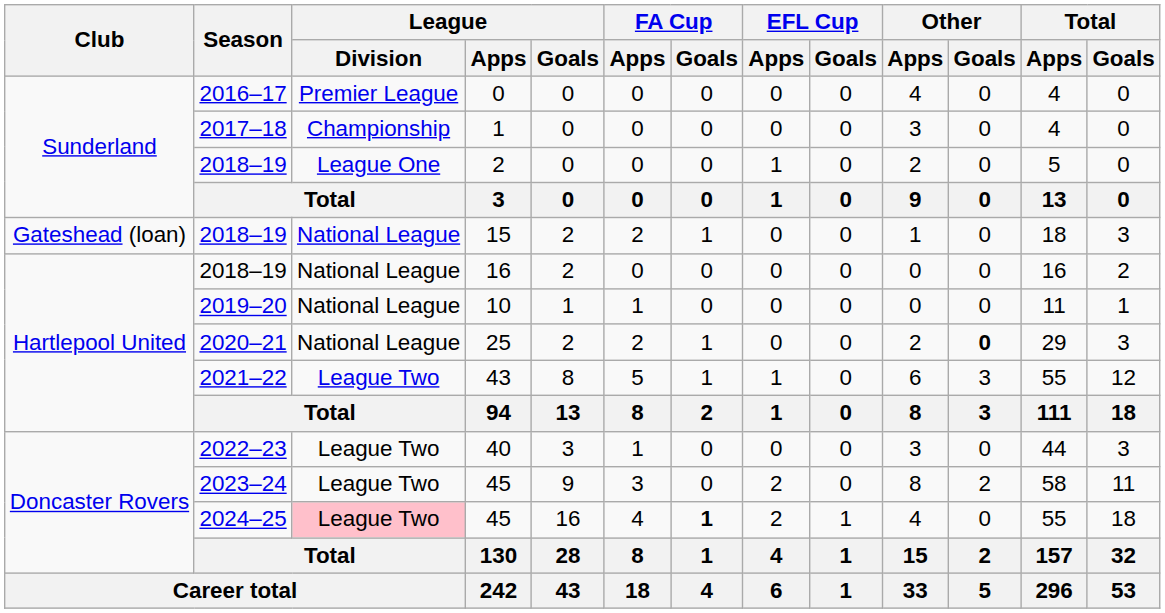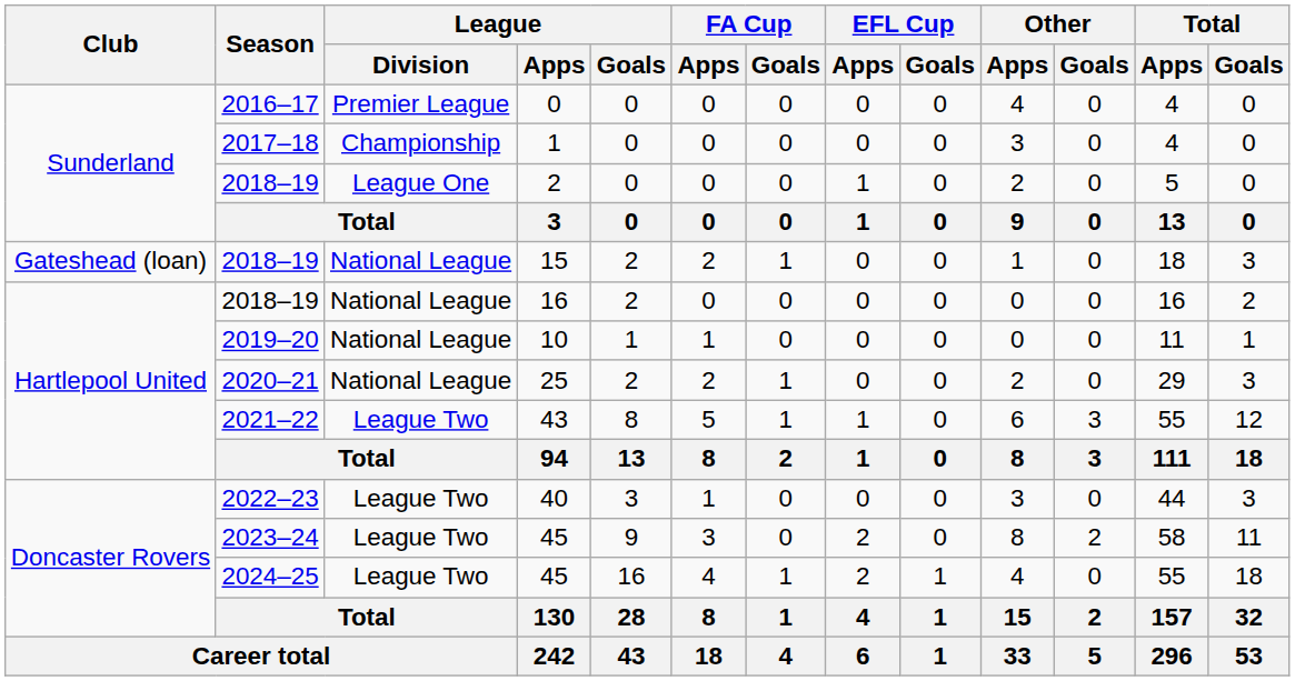 <table class="wikitable" style="text-align: center;">
 <tr>
 <th rowspan="2">Club</th>
 <th rowspan="2">Season</th>
 <th colspan="3">League</th>
 <th colspan="2"><a href='#'>FA Cup</a></th>
 <th colspan="2"><a href='#'>EFL Cup</a></th>
 <th colspan="2">Other</th>
 <th colspan="2">Total</th>
 </tr>
 <tr>
 <th>Division</th>
 <th>Apps</th>
 <th>Goals</th>
 <th>Apps</th>
 <th>Goals</th>
 <th>Apps</th>
 <th>Goals</th>
 <th>Apps</th>
 <th>Goals</th>
 <th>Apps</th>
 <th>Goals</th>
 </tr>
 <tr>
 <td rowspan="4"><a href='#'>Sunderland</a></td>
 <td><a href='#'>2016–17</a></td>
 <td><a href='#'>Premier League</a></td>
 <td>0</td>
 <td>0</td>
 <td>0</td>
 <td>0</td>
 <td>0</td>
 <td>0</td>
 <td>4</td>
 <td>0</td>
 <td>4</td>
 <td>0</td>
 </tr>
 <tr>
 <td><a href='#'>2017–18</a></td>
 <td><a href='#'>Championship</a></td>
 <td>1</td>
 <td>0</td>
 <td>0</td>
 <td>0</td>
 <td>0</td>
 <td>0</td>
 <td>3</td>
 <td>0</td>
 <td>4</td>
 <td>0</td>
 </tr>
 <tr>
 <td><a href='#'>2018–19</a></td>
 <td><a href='#'>League One</a></td>
 <td>2</td>
 <td>0</td>
 <td>0</td>
 <td>0</td>
 <td>1</td>
 <td>0</td>
 <td>2</td>
 <td>0</td>
 <td>5</td>
 <td>0</td>
 </tr>
 <tr>
 <th colspan="2">Total</th>
 <th>3</th>
 <th>0</th>
 <th>0</th>
 <th>0</th>
 <th>1</th>
 <th>0</th>
 <th>9</th>
 <th>0</th>
 <th>13</th>
 <th>0</th>
 </tr>
 <tr>
 <td><a href='#'>Gateshead</a> (loan)</td>
 <td><a href='#'>2018–19</a></td>
 <td><a href='#'>National League</a></td>
 <td>15</td>
 <td>2</td>
 <td>2</td>
 <td>1</td>
 <td>0</td>
 <td>0</td>
 <td>1</td>
 <td>0</td>
 <td>18</td>
 <td>3</td>
 </tr>
 <tr>
 <td rowspan="5"><a href='#'>Hartlepool United</a></td>
 <td>2018–19</td>
 <td>National League</td>
 <td>16</td>
 <td>2</td>
 <td>0</td>
 <td>0</td>
 <td>0</td>
 <td>0</td>
 <td>0</td>
 <td>0</td>
 <td>16</td>
 <td>2</td>
 </tr>
 <tr>
 <td><a href='#'>2019–20</a></td>
 <td>National League</td>
 <td>10</td>
 <td>1</td>
 <td>1</td>
 <td>0</td>
 <td>0</td>
 <td>0</td>
 <td>0</td>
 <td>0</td>
 <td>11</td>
 <td>1</td>
 </tr>
 <tr>
 <td><a href='#'>2020–21</a></td>
 <td>National League</td>
 <td>25</td>
 <td>2</td>
 <td>2</td>
 <td>1</td>
 <td>0</td>
 <td>0</td>
 <td>2</td>
-<td><strong>0</strong></td>
+<td>0</td>
 <td>29</td>
 <td>3</td>
 </tr>
 <tr>
 <td><a href='#'>2021–22</a></td>
 <td><a href='#'>League Two</a></td>
 <td>43</td>
 <td>8</td>
 <td>5</td>
 <td>1</td>
 <td>1</td>
 <td>0</td>
 <td>6</td>
 <td>3</td>
 <td>55</td>
 <td>12</td>
 </tr>
 <tr>
 <th colspan="2">Total</th>
 <th>94</th>
 <th>13</th>
 <th>8</th>
 <th>2</th>
 <th>1</th>
 <th>0</th>
 <th>8</th>
 <th>3</th>
 <th>111</th>
 <th>18</th>
 </tr>
 <tr>
 <td rowspan="4"><a href='#'>Doncaster Rovers</a></td>
 <td><a href='#'>2022–23</a></td>
 <td>League Two</td>
 <td>40</td>
 <td>3</td>
 <td>1</td>
 <td>0</td>
 <td>0</td>
 <td>0</td>
 <td>3</td>
 <td>0</td>
 <td>44</td>
 <td>3</td>
 </tr>
 <tr>
 <td><a href='#'>2023–24</a></td>
 <td>League Two</td>
 <td>45</td>
 <td>9</td>
 <td>3</td>
 <td>0</td>
 <td>2</td>
 <td>0</td>
 <td>8</td>
 <td>2</td>
 <td>58</td>
 <td>11</td>
 </tr>
 <tr>
 <td><a href='#'>2024–25</a></td>
-<td style="background: pink;">League Two</td>
+<td>League Two</td>
 <td>45</td>
 <td>16</td>
 <td>4</td>
-<td><strong>1</strong></td>
+<td>1</td>
 <td>2</td>
 <td>1</td>
 <td>4</td>
 <td>0</td>
 <td>55</td>
 <td>18</td>
 </tr>
 <tr>
 <th colspan="2">Total</th>
 <th>130</th>
 <th>28</th>
 <th>8</th>
 <th>1</th>
 <th>4</th>
 <th>1</th>
 <th>15</th>
 <th>2</th>
 <th>157</th>
 <th>32</th>
 </tr>
 <tr>
 <th colspan="3">Career total</th>
 <th>242</th>
 <th>43</th>
 <th>18</th>
 <th>4</th>
 <th>6</th>
 <th>1</th>
 <th>33</th>
 <th>5</th>
 <th>296</th>
 <th>53</th>
 </tr>
 </table>
